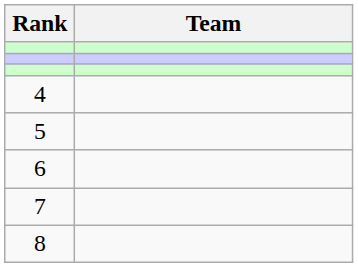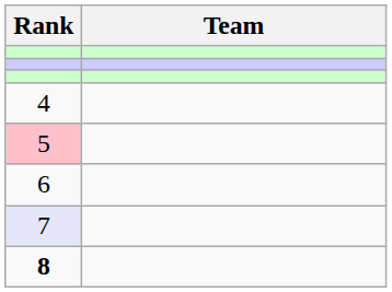 <table class="wikitable" style="text-align: center;">
 <tr>
 <th width=40>Rank</th>
 <th width=180>Team</th>
 </tr>
 <tr bgcolor=ccffcc>
 <td></td>
 <td align=left></td>
 </tr>
 <tr bgcolor=ccccff>
 <td></td>
 <td align=left></td>
 </tr>
 <tr bgcolor=ccffcc>
 <td></td>
 <td align=left></td>
 </tr>
 <tr>
 <td>4</td>
 <td align=left></td>
 </tr>
 <tr>
-<td>5</td>
+<td style="background: pink;">5</td>
 <td align=left></td>
 </tr>
 <tr>
 <td>6</td>
 <td align=left></td>
 </tr>
 <tr>
-<td>7</td>
+<td style="background: lavender;">7</td>
 <td align=left></td>
 </tr>
 <tr>
-<td>8</td>
+<td><strong>8</strong></td>
 <td align=left></td>
 </tr>
 </table>
